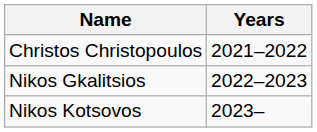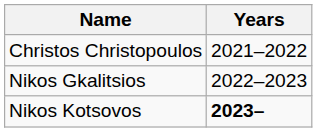 <table class="wikitable">
 <tr>
 <th>Name</th>
 <th>Years</th>
 </tr>
 <tr>
 <td> Christos Christopoulos</td>
 <td>2021–2022</td>
 </tr>
 <tr>
 <td> Nikos Gkalitsios</td>
 <td>2022–2023</td>
 </tr>
 <tr>
 <td> Nikos Kotsovos</td>
-<td>2023–</td>
+<td><strong>2023–</strong></td>
 </tr>
 </table>
